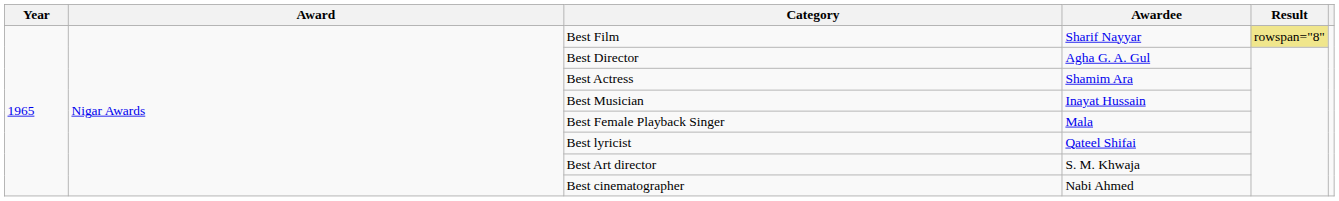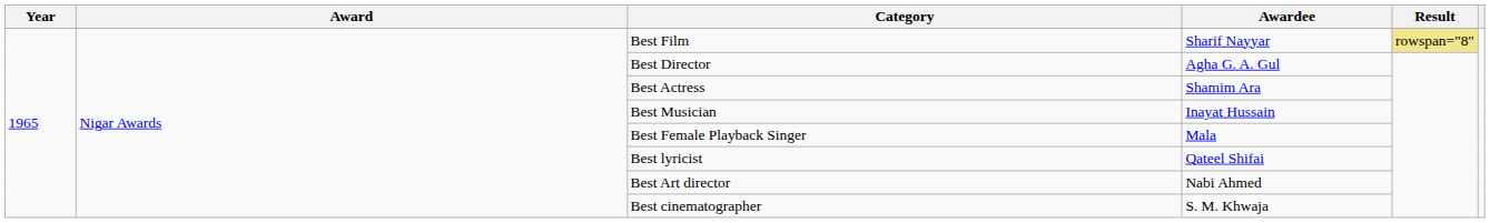 <table class="wikitable sortable" width=100%>
 <tr>
 <th width=5%>Year</th>
 <th style="width:40%;">Award</th>
 <th style="width:40%;">Category</th>
 <th style="width:40%;">Awardee</th>
 <th style="width:10%;">Result</th>
 <th width=5%></th>
 </tr>
 <tr>
 <td rowspan="8"><a href='#'>1965</a></td>
 <td rowspan="8"><a href='#'>Nigar Awards</a></td>
 <td>Best Film</td>
 <td><a href='#'>Sharif Nayyar</a></td>
 <td style="background: khaki;">rowspan="8"</td>
 <td rowspan="8"></td>
 </tr>
 <tr>
 <td>Best Director</td>
 <td><a href='#'>Agha G. A. Gul</a></td>
 </tr>
 <tr>
 <td>Best Actress</td>
 <td><a href='#'>Shamim Ara</a></td>
 </tr>
 <tr>
 <td>Best Musician</td>
 <td><a href='#'>Inayat Hussain</a></td>
 </tr>
 <tr>
 <td>Best Female Playback Singer</td>
 <td><a href='#'>Mala</a></td>
 </tr>
 <tr>
 <td>Best lyricist</td>
 <td><a href='#'>Qateel Shifai</a></td>
 </tr>
 <tr>
 <td>Best Art director</td>
-<td>S. M. Khwaja</td>
+<td>Nabi Ahmed</td>
 </tr>
 <tr>
 <td>Best cinematographer</td>
-<td>Nabi Ahmed</td>
+<td>S. M. Khwaja</td>
 </tr>
 </table>
